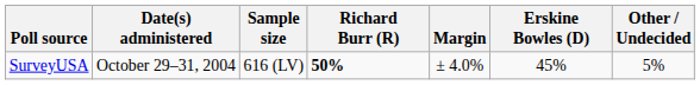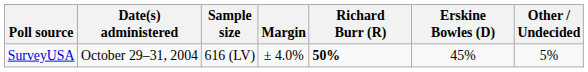 <table class="wikitable" style="font-size:90%">
 <tr valign=bottom>
 <th>Poll source</th>
 <th>Date(s)<br>administered</th>
 <th>Sample<br>size</th>
+<th>Margin<br></th>
 <th style="width:100px;">Richard<br>Burr (R)</th>
-<th>Margin<br></th>
 <th style="width:100px;">Erskine<br>Bowles (D)</th>
 <th>Other /<br>Undecided</th>
 </tr>
 <tr>
 <td><a href='#'>SurveyUSA</a></td>
 <td align=center>October 29–31, 2004</td>
 <td align=center>616 (LV)</td>
+<td align=center>± 4.0%</td>
 <td><strong>50%</strong></td>
-<td align=center>± 4.0%</td>
 <td align=center>45%</td>
 <td align=center>5%</td>
 </tr>
 </table>
